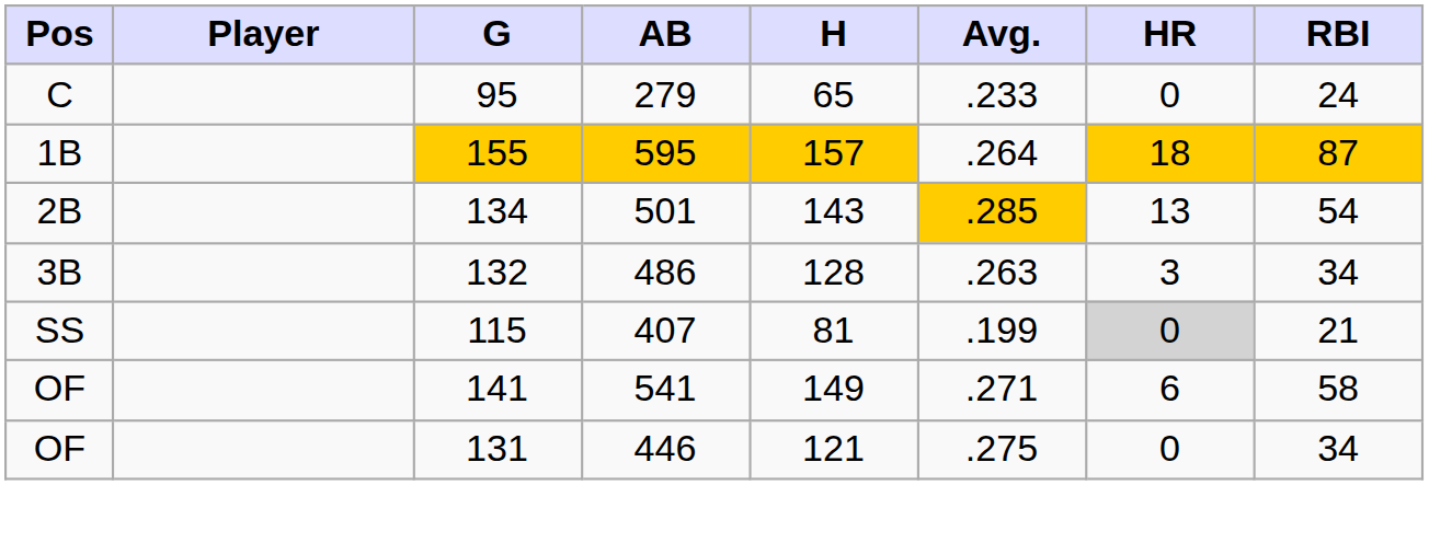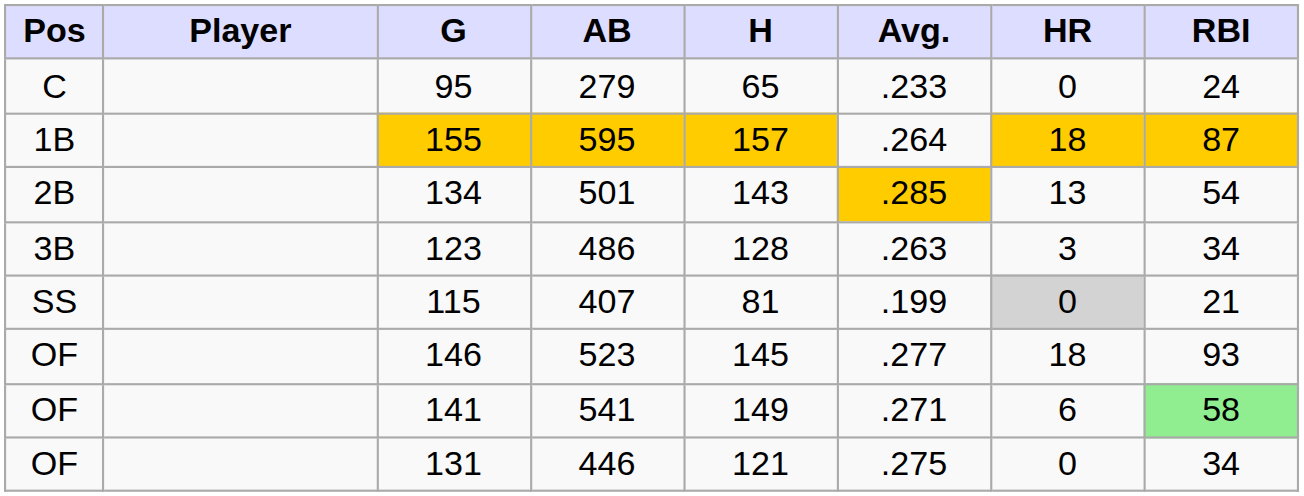 <table class="wikitable sortable">
 <tr>
 <th style="background:#ddf; width:5%;">Pos</th>
 <th style="background:#ddf; width:16%;">Player</th>
 <th style="background:#ddf; width:9%;">G</th>
 <th style="background:#ddf; width:9%;">AB</th>
 <th style="background:#ddf; width:9%;">H</th>
 <th style="background:#ddf; width:9%;">Avg.</th>
 <th style="background:#ddf; width:9%;">HR</th>
 <th style="background:#ddf; width:9%;">RBI</th>
 </tr>
 <tr style="text-align:center;">
 <td>C</td>
 <td></td>
 <td>95</td>
 <td>279</td>
 <td>65</td>
 <td>.233</td>
 <td>0</td>
 <td>24</td>
 </tr>
 <tr style="text-align:center;">
 <td>1B</td>
 <td></td>
 <td style="background:#fc0;">155</td>
 <td style="background:#fc0;">595</td>
 <td style="background:#fc0;">157</td>
 <td>.264</td>
 <td style="background:#fc0;">18</td>
 <td style="background:#fc0;">87</td>
 </tr>
 <tr style="text-align:center;">
 <td>2B</td>
 <td></td>
 <td>134</td>
 <td>501</td>
 <td>143</td>
 <td style="background:#fc0;">.285</td>
 <td>13</td>
 <td>54</td>
 </tr>
 <tr style="text-align:center;">
 <td>3B</td>
 <td></td>
-<td>132</td>
+<td>123</td>
 <td>486</td>
 <td>128</td>
 <td>.263</td>
 <td>3</td>
 <td>34</td>
 </tr>
 <tr style="text-align:center;">
 <td>SS</td>
 <td></td>
 <td>115</td>
 <td>407</td>
 <td>81</td>
 <td>.199</td>
 <td style="background: lightgrey;">0</td>
 <td>21</td>
 </tr>
 <tr style="text-align:center;">
 <td>OF</td>
 <td></td>
+<td>146</td>
+<td>523</td>
+<td>145</td>
+<td>.277</td>
+<td>18</td>
+<td>93</td>
+</tr>
+<tr style="text-align:center;">
+<td>OF</td>
+<td></td>
 <td>141</td>
 <td>541</td>
 <td>149</td>
 <td>.271</td>
 <td>6</td>
-<td>58</td>
+<td style="background: lightgreen;">58</td>
 </tr>
 <tr style="text-align:center;">
 <td>OF</td>
 <td></td>
 <td>131</td>
 <td>446</td>
 <td>121</td>
 <td>.275</td>
 <td>0</td>
 <td>34</td>
 </tr>
 </table>
